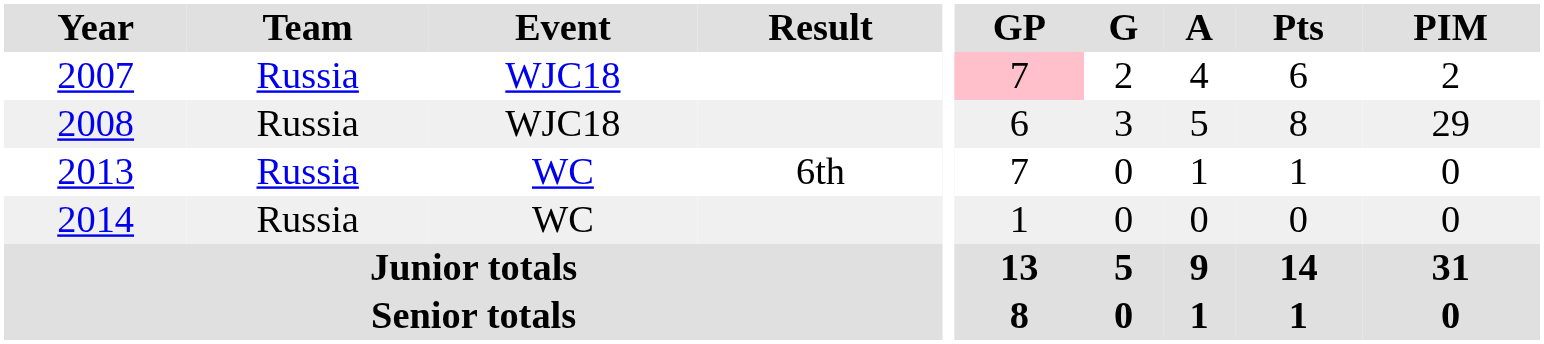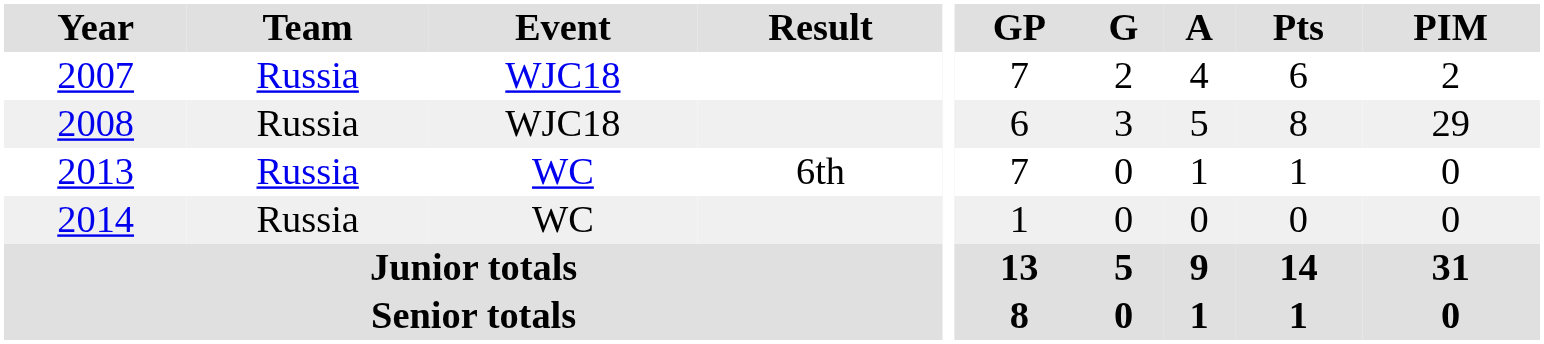 <table border="0" cellpadding="1" cellspacing="0" ID="Table3" style="text-align:center; width:40em">
 <tr ALIGN="center" bgcolor="#e0e0e0">
 <th>Year</th>
 <th>Team</th>
 <th>Event</th>
 <th>Result</th>
 <th rowspan="99" bgcolor="#ffffff"></th>
 <th>GP</th>
 <th>G</th>
 <th>A</th>
 <th>Pts</th>
 <th>PIM</th>
 </tr>
 <tr ALIGN="center">
 <td><a href='#'>2007</a></td>
 <td><a href='#'>Russia</a></td>
 <td><a href='#'>WJC18</a></td>
 <td></td>
-<td style="background: pink;">7</td>
+<td>7</td>
 <td>2</td>
 <td>4</td>
 <td>6</td>
 <td>2</td>
 </tr>
 <tr ALIGN="center"  bgcolor="#f0f0f0">
 <td><a href='#'>2008</a></td>
 <td>Russia</td>
 <td>WJC18</td>
 <td></td>
 <td>6</td>
 <td>3</td>
 <td>5</td>
 <td>8</td>
 <td>29</td>
 </tr>
 <tr ALIGN="center">
 <td><a href='#'>2013</a></td>
 <td><a href='#'>Russia</a></td>
 <td><a href='#'>WC</a></td>
 <td>6th</td>
 <td>7</td>
 <td>0</td>
 <td>1</td>
 <td>1</td>
 <td>0</td>
 </tr>
 <tr ALIGN="center"  bgcolor="#f0f0f0">
 <td><a href='#'>2014</a></td>
 <td>Russia</td>
 <td>WC</td>
 <td></td>
 <td>1</td>
 <td>0</td>
 <td>0</td>
 <td>0</td>
 <td>0</td>
 </tr>
 <tr ALIGN="center" bgcolor="#e0e0e0">
 <th colspan=4>Junior totals</th>
 <th>13</th>
 <th>5</th>
 <th>9</th>
 <th>14</th>
 <th>31</th>
 </tr>
 <tr ALIGN="center" bgcolor="#e0e0e0">
 <th colspan=4>Senior totals</th>
 <th>8</th>
 <th>0</th>
 <th>1</th>
 <th>1</th>
 <th>0</th>
 </tr>
 </table>
